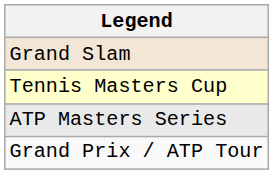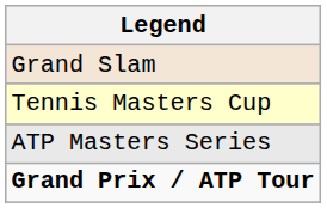 <table class="wikitable sortable mw-collapsible mw-collapsed">
 <tr>
 <th>Legend</th>
 </tr>
 <tr style="background:#f3e6d7;">
 <td>Grand Slam</td>
 </tr>
 <tr style="background:#ffffcc;">
 <td>Tennis Masters Cup</td>
 </tr>
 <tr style="background:#e9e9e9;">
 <td>ATP Masters Series</td>
 </tr>
 <tr>
-<td>Grand Prix / ATP Tour</td>
+<td><strong>Grand Prix / ATP Tour</strong></td>
 </tr>
 </table>
